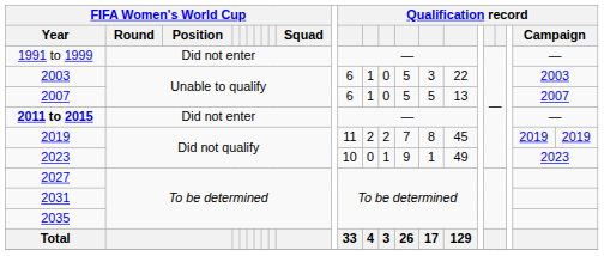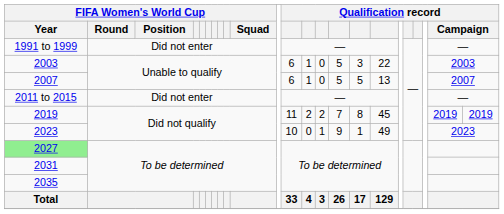 <table class="wikitable" style="text-align: center;">
 <tr>
 <th colspan=10><a href='#'>FIFA Women's World Cup</a></th>
 <th style="width:1%;background:white" rowspan=12></th>
 <th colspan=12><a href='#'>Qualification</a> record</th>
 </tr>
 <tr>
 <th>Year</th>
 <th>Round</th>
 <th>Position</th>
 <th></th>
 <th></th>
 <th></th>
 <th></th>
 <th></th>
 <th></th>
 <th>Squad</th>
 <th></th>
 <th></th>
 <th></th>
 <th></th>
 <th></th>
 <th></th>
 <th style="width:1%;background:white" rowspan=11></th>
 <th></th>
 <th></th>
 <th style="width:1%;background:white" rowspan=11></th>
 <th colspan="2">Campaign</th>
 </tr>
 <tr>
 <td><a href='#'>1991</a> to <a href='#'>1999</a></td>
 <td colspan=9>Did not enter</td>
 <td rowspan=1 colspan=6>—</td>
 <td rowspan=6 colspan=2>—</td>
 <td rowspan=1 colspan=2>—</td>
 </tr>
 <tr>
 <td> <a href='#'>2003</a></td>
 <td rowspan="2" colspan="9">Unable to qualify</td>
 <td>6</td>
 <td>1</td>
 <td>0</td>
 <td>5</td>
 <td>3</td>
 <td>22</td>
 <td colspan= "2"><a href='#'>2003</a></td>
 </tr>
 <tr>
 <td> <a href='#'>2007</a></td>
 <td>6</td>
 <td>1</td>
 <td>0</td>
 <td>5</td>
 <td>5</td>
 <td>13</td>
 <td colspan= "2"><a href='#'>2007</a></td>
 </tr>
 <tr>
-<td><strong><a href='#'>2011</a> to <a href='#'>2015</a></strong></td>
+<td><a href='#'>2011</a> to <a href='#'>2015</a></td>
 <td colspan=9>Did not enter</td>
 <td rowspan=1 colspan=6>—</td>
 <td rowspan=1 colspan=2>—</td>
 </tr>
 <tr>
 <td> <a href='#'>2019</a></td>
 <td colspan=9 rowspan=2>Did not qualify</td>
 <td>11</td>
 <td>2</td>
 <td>2</td>
 <td>7</td>
 <td>8</td>
 <td>45</td>
 <td><a href='#'>2019</a></td>
 <td><a href='#'>2019</a></td>
 </tr>
 <tr>
 <td>  <a href='#'>2023</a></td>
 <td>10</td>
 <td>0</td>
 <td>1</td>
 <td>9</td>
 <td>1</td>
 <td>49</td>
 <td colspan= "2"><a href='#'>2023</a></td>
 </tr>
 <tr>
-<td> <a href='#'>2027</a></td>
+<td style="background: lightgreen;"> <a href='#'>2027</a></td>
 <td rowspan=3 colspan=9><em>To be determined</em></td>
 <td rowspan=3 colspan=6><em>To be determined</em></td>
 <td rowspan=3 colspan=2></td>
 <td colspan= "2"></td>
 </tr>
 <tr>
 <td> <a href='#'>2031</a></td>
 <td colspan= "2"></td>
 </tr>
 <tr>
 <td> <a href='#'>2035</a></td>
 <td colspan= "2"></td>
 </tr>
 <tr>
 <th>Total</th>
 <th colspan=2></th>
 <th></th>
 <th></th>
 <th></th>
 <th></th>
 <th></th>
 <th></th>
 <th></th>
 <th>33</th>
 <th>4</th>
 <th>3</th>
 <th>26</th>
 <th>17</th>
 <th>129</th>
 <th colspan="2"></th>
 <th colspan="2"></th>
 </tr>
 <tr>
 </tr>
 </table>
